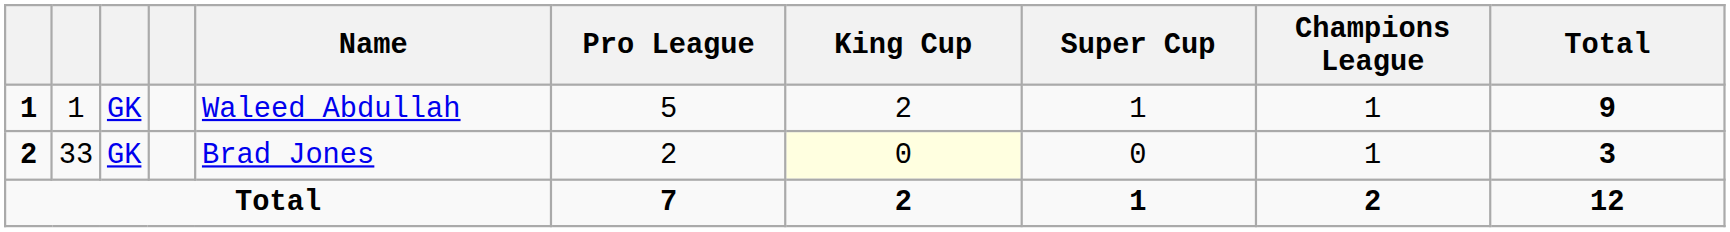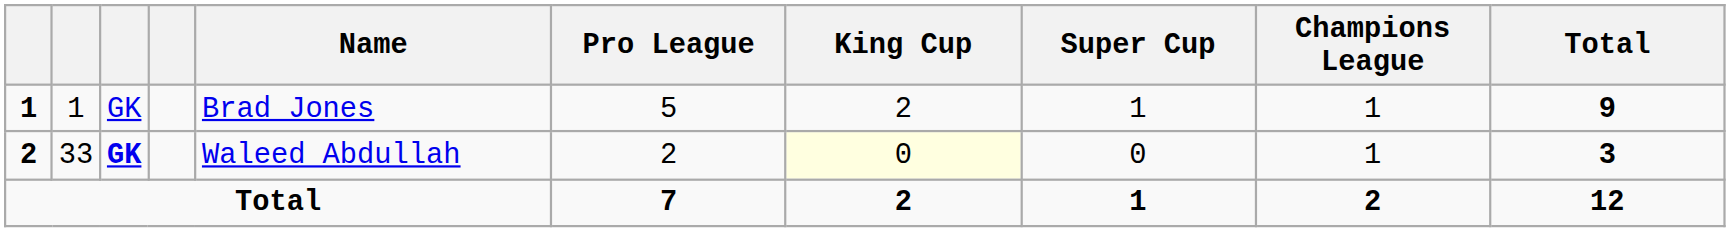 <table class="wikitable" style="text-align:center">
 <tr>
 <th width=15></th>
 <th width=15></th>
 <th width=15></th>
 <th width=15></th>
 <th width=155>Name</th>
 <th width=100>Pro League</th>
 <th width=100>King Cup</th>
 <th width=100>Super Cup</th>
 <th width=100>Champions League</th>
 <th width=100>Total</th>
 </tr>
 <tr>
 <td><strong>1</strong></td>
 <td>1</td>
 <td><a href='#'>GK</a></td>
 <td></td>
-<td align=left><a href='#'>Waleed Abdullah</a></td>
+<td align=left><a href='#'>Brad Jones</a></td>
 <td>5</td>
 <td>2</td>
 <td>1</td>
 <td>1</td>
 <td><strong>9</strong></td>
 </tr>
 <tr>
 <td><strong>2</strong></td>
 <td>33</td>
-<td><a href='#'>GK</a></td>
+<td><strong><a href='#'>GK</a></strong></td>
 <td></td>
-<td align=left><a href='#'>Brad Jones</a></td>
+<td align=left><a href='#'>Waleed Abdullah</a></td>
 <td>2</td>
 <td style="background: lightyellow;">0</td>
 <td>0</td>
 <td>1</td>
 <td><strong>3</strong></td>
 </tr>
 <tr>
 <td colspan=5><strong>Total</strong></td>
 <td><strong>7</strong></td>
 <td><strong>2</strong></td>
 <td><strong>1</strong></td>
 <td><strong>2</strong></td>
 <td><strong>12</strong></td>
 </tr>
 </table>
